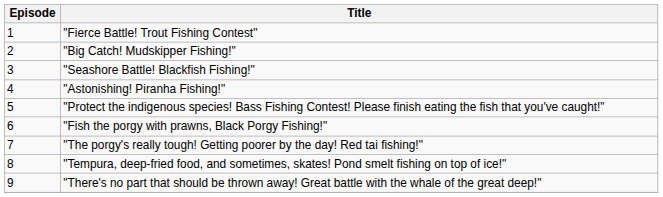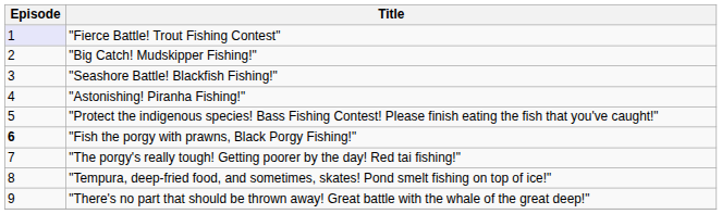 <table class="wikitable" width=100%>
 <tr>
 <th>Episode</th>
 <th>Title</th>
 </tr>
 <tr>
-<td>1</td>
+<td style="background: lavender;">1</td>
 <td>"Fierce Battle! Trout Fishing Contest"</td>
 </tr>
 <tr>
 <td>2</td>
 <td>"Big Catch! Mudskipper Fishing!"</td>
 </tr>
 <tr>
 <td>3</td>
 <td>"Seashore Battle! Blackfish Fishing!"</td>
 </tr>
 <tr>
 <td>4</td>
 <td>"Astonishing! Piranha Fishing!"</td>
 </tr>
 <tr>
 <td>5</td>
 <td>"Protect the indigenous species! Bass Fishing Contest! Please finish eating the fish that you've caught!"</td>
 </tr>
 <tr>
-<td>6</td>
+<td><strong>6</strong></td>
 <td>"Fish the porgy with prawns, Black Porgy Fishing!"</td>
 </tr>
 <tr>
 <td>7</td>
 <td>"The porgy's really tough! Getting poorer by the day! Red tai fishing!"</td>
 </tr>
 <tr>
 <td>8</td>
 <td>"Tempura, deep-fried food, and sometimes, skates! Pond smelt fishing on top of ice!"</td>
 </tr>
 <tr>
 <td>9</td>
 <td>"There's no part that should be thrown away! Great battle with the whale of the great deep!"</td>
 </tr>
 <tr>
 </tr>
 </table>
